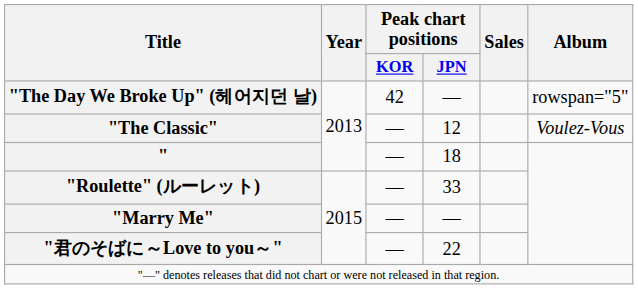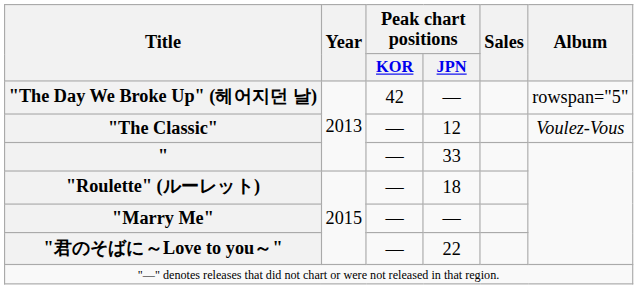 <table class="wikitable plainrowheaders" style="text-align:center;">
 <tr>
 <th scope="col" rowspan="2">Title</th>
 <th scope="col" rowspan="2">Year</th>
 <th scope="col" colspan="2">Peak chart positions</th>
 <th scope="col" rowspan="2">Sales</th>
 <th scope="col" rowspan="2">Album</th>
 </tr>
 <tr>
 <th scope="col" style="width:3em;font-size:90%"><a href='#'>KOR</a><br></th>
 <th scope="col" style="width:3em;font-size:90%"><a href='#'>JPN</a><br></th>
 </tr>
 <tr>
 <th scope="row">"The Day We Broke Up" (헤어지던 날) </th>
 <td rowspan="3">2013</td>
 <td>42</td>
 <td>—</td>
 <td></td>
 <td>rowspan="5" </td>
 </tr>
 <tr>
 <th scope="row">"The Classic" </th>
 <td>—</td>
 <td>12</td>
 <td></td>
 <td><em>Voulez-Vous</em></td>
 </tr>
 <tr>
 <th scope="row">" </th>
 <td>—</td>
-<td>18</td>
+<td>33</td>
 <td></td>
 </tr>
 <tr>
 <th scope="row">"Roulette" (ルーレット) </th>
 <td rowspan="3">2015</td>
 <td>—</td>
-<td>33</td>
+<td>18</td>
 <td></td>
 </tr>
 <tr>
 <th scope="row">"Marry Me" </th>
 <td>—</td>
 <td>—</td>
 <td></td>
 </tr>
 <tr>
 <th scope="row">"君のそばに～Love to you～" </th>
 <td>—</td>
 <td>22</td>
 <td></td>
 </tr>
 <tr>
 <td colspan="6" style="font-size:8pt;">"—" denotes releases that did not chart or were not released in that region.</td>
 </tr>
 </table>
